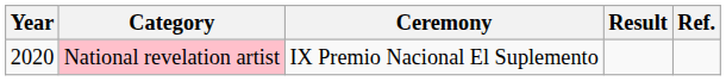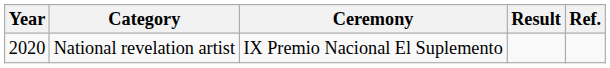 <table class="wikitable">
 <tr>
 <th>Year</th>
 <th>Category</th>
 <th>Ceremony</th>
 <th>Result</th>
 <th>Ref.</th>
 </tr>
 <tr>
 <td rowspan="2">2020</td>
-<td style="background: pink;">National revelation artist</td>
+<td>National revelation artist</td>
 <td rowspan="3">IX Premio Nacional El Suplemento</td>
 <td></td>
 <td></td>
 </tr>
 </table>
